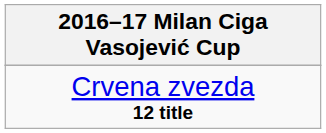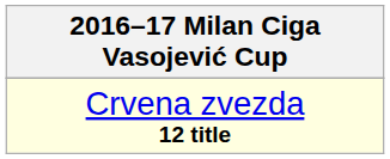 <table class="wikitable" style="margin: 0 auto; width: 30%;">
 <tr>
 <th><big>2016–17 Milan Ciga Vasojević Cup</big><br></th>
 </tr>
 <tr>
 </tr>
 <tr>
-<td align=center><big><big><a href='#'>Crvena zvezda</a><br></big></big><strong>12 title</strong></td>
+<td align=center style="background: lightyellow;"><big><big><a href='#'>Crvena zvezda</a><br></big></big><strong>12 title</strong></td>
 </tr>
 </table>
